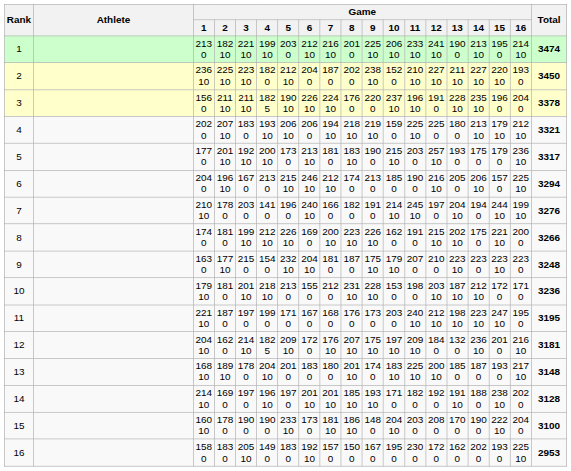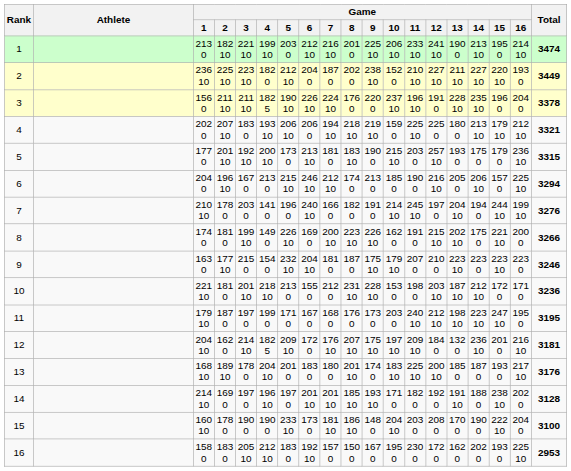 <table class=wikitable style="text-align:center">
 <tr>
 <th rowspan="2" width=40>Rank</th>
 <th rowspan="2" width=250>Athlete</th>
 <th colspan="16">Game</th>
 <th rowspan="2" width=50>Total</th>
 </tr>
 <tr>
 <th width=25>1</th>
 <th width=25>2</th>
 <th width=25>3</th>
 <th width=25>4</th>
 <th width=25>5</th>
 <th width=25>6</th>
 <th width=25>7</th>
 <th width=25>8</th>
 <th width=25>9</th>
 <th width=25>10</th>
 <th width=25>11</th>
 <th width=25>12</th>
 <th width=25>13</th>
 <th width=25>14</th>
 <th width=25>15</th>
 <th width=25>16</th>
 </tr>
 <tr bgcolor="#ccffcc">
 <td>1</td>
 <td align=left></td>
 <td>213<br>0</td>
 <td>182<br>10</td>
 <td>221<br>10</td>
 <td>199<br>10</td>
 <td>203<br>0</td>
 <td>212<br>10</td>
 <td>216<br>10</td>
 <td>201<br>0</td>
 <td>225<br>10</td>
 <td>206<br>10</td>
 <td>233<br>10</td>
 <td>241<br>10</td>
 <td>190<br>0</td>
 <td>213<br>10</td>
 <td>195<br>0</td>
 <td>214<br>10</td>
 <td><strong>3474</strong></td>
 </tr>
 <tr bgcolor="#ffffcc">
 <td>2</td>
 <td align=left></td>
 <td>236<br>10</td>
 <td>225<br>10</td>
 <td>223<br>10</td>
 <td>182<br>0</td>
 <td>212<br>10</td>
 <td>204<br>0</td>
 <td>187<br>0</td>
 <td>202<br>0</td>
 <td>238<br>10</td>
 <td>152<br>0</td>
 <td>210<br>10</td>
 <td>227<br>10</td>
 <td>211<br>10</td>
 <td>227<br>10</td>
 <td>220<br>10</td>
 <td>193<br>0</td>
-<td><strong>3450</strong></td>
+<td><strong>3449</strong></td>
 </tr>
 <tr bgcolor="#ffffcc">
 <td>3</td>
 <td align=left></td>
 <td>156<br>0</td>
 <td>211<br>10</td>
 <td>211<br>10</td>
 <td>182<br>5</td>
 <td>190<br>10</td>
 <td>226<br>10</td>
 <td>224<br>10</td>
 <td>176<br>0</td>
 <td>220<br>0</td>
 <td>237<br>10</td>
 <td>196<br>10</td>
 <td>191<br>0</td>
 <td>228<br>10</td>
 <td>235<br>10</td>
 <td>196<br>0</td>
 <td>204<br>0</td>
 <td><strong>3378</strong></td>
 </tr>
 <tr>
 <td>4</td>
 <td align=left></td>
 <td>202<br>0</td>
 <td>207<br>10</td>
 <td>183<br>0</td>
 <td>193<br>10</td>
 <td>206<br>10</td>
 <td>206<br>0</td>
 <td>194<br>10</td>
 <td>218<br>10</td>
 <td>219<br>10</td>
 <td>159<br>0</td>
 <td>225<br>10</td>
 <td>225<br>0</td>
 <td>180<br>0</td>
 <td>213<br>10</td>
 <td>179<br>10</td>
 <td>212<br>10</td>
 <td><strong>3321</strong></td>
 </tr>
 <tr>
 <td>5</td>
 <td align=left></td>
 <td>177<br>0</td>
 <td>201<br>10</td>
 <td>192<br>10</td>
 <td>200<br>10</td>
 <td>173<br>0</td>
 <td>213<br>10</td>
 <td>181<br>0</td>
 <td>183<br>10</td>
 <td>190<br>0</td>
 <td>215<br>10</td>
 <td>203<br>0</td>
 <td>257<br>10</td>
 <td>193<br>0</td>
 <td>175<br>0</td>
 <td>179<br>0</td>
 <td>236<br>10</td>
-<td><strong>3317</strong></td>
+<td><strong>3315</strong></td>
 </tr>
 <tr>
 <td>6</td>
 <td align=left></td>
 <td>204<br>0</td>
 <td>196<br>10</td>
 <td>167<br>0</td>
 <td>213<br>0</td>
 <td>215<br>10</td>
 <td>246<br>10</td>
 <td>212<br>10</td>
 <td>174<br>0</td>
 <td>213<br>0</td>
 <td>185<br>0</td>
 <td>190<br>0</td>
 <td>216<br>10</td>
 <td>205<br>0</td>
 <td>206<br>10</td>
 <td>157<br>0</td>
 <td>225<br>10</td>
 <td><strong>3294</strong></td>
 </tr>
 <tr>
 <td>7</td>
 <td align=left></td>
 <td>210<br>10</td>
 <td>178<br>0</td>
 <td>203<br>0</td>
 <td>141<br>0</td>
 <td>196<br>0</td>
 <td>240<br>10</td>
 <td>166<br>0</td>
 <td>182<br>0</td>
 <td>191<br>0</td>
 <td>214<br>10</td>
 <td>245<br>10</td>
 <td>197<br>0</td>
 <td>204<br>10</td>
 <td>194<br>0</td>
 <td>244<br>10</td>
 <td>199<br>10</td>
 <td><strong>3276</strong></td>
 </tr>
 <tr>
 <td>8</td>
 <td align=left></td>
 <td>174<br>0</td>
 <td>181<br>0</td>
 <td>199<br>10</td>
-<td>212<br>10</td>
+<td>149<br>0</td>
 <td>226<br>10</td>
 <td>169<br>0</td>
 <td>200<br>10</td>
 <td>223<br>10</td>
 <td>226<br>10</td>
 <td>162<br>0</td>
 <td>191<br>0</td>
 <td>215<br>10</td>
 <td>202<br>10</td>
 <td>175<br>0</td>
 <td>221<br>10</td>
 <td>200<br>0</td>
 <td><strong>3266</strong></td>
 </tr>
 <tr>
 <td>9</td>
 <td align=left></td>
 <td>163<br>0</td>
 <td>177<br>10</td>
 <td>215<br>0</td>
 <td>154<br>0</td>
 <td>232<br>10</td>
 <td>204<br>10</td>
 <td>181<br>0</td>
 <td>187<br>0</td>
 <td>175<br>10</td>
 <td>179<br>10</td>
 <td>207<br>0</td>
 <td>210<br>0</td>
 <td>223<br>10</td>
 <td>223<br>0</td>
 <td>223<br>10</td>
 <td>223<br>0</td>
-<td><strong>3248</strong></td>
+<td><strong>3246</strong></td>
 </tr>
 <tr>
 <td>10</td>
 <td align=left></td>
-<td>179<br>10</td>
+<td>221<br>10</td>
 <td>181<br>0</td>
 <td>201<br>10</td>
 <td>218<br>10</td>
 <td>213<br>0</td>
 <td>155<br>0</td>
 <td>212<br>0</td>
 <td>231<br>10</td>
 <td>228<br>10</td>
 <td>153<br>0</td>
 <td>198<br>0</td>
 <td>203<br>10</td>
 <td>187<br>10</td>
 <td>212<br>10</td>
 <td>172<br>0</td>
 <td>171<br>0</td>
 <td><strong>3236</strong></td>
 </tr>
 <tr>
 <td>11</td>
 <td align=left></td>
-<td>221<br>10</td>
+<td>179<br>10</td>
 <td>187<br>0</td>
 <td>197<br>0</td>
 <td>199<br>0</td>
 <td>171<br>0</td>
 <td>167<br>0</td>
 <td>168<br>0</td>
 <td>176<br>0</td>
 <td>173<br>0</td>
 <td>203<br>0</td>
 <td>240<br>10</td>
 <td>212<br>10</td>
 <td>198<br>10</td>
 <td>223<br>10</td>
 <td>247<br>10</td>
 <td>195<br>0</td>
 <td><strong>3195</strong></td>
 </tr>
 <tr>
 <td>12</td>
 <td align=left></td>
 <td>204<br>10</td>
 <td>162<br>0</td>
 <td>214<br>10</td>
 <td>182<br>5</td>
 <td>209<br>10</td>
 <td>172<br>0</td>
 <td>176<br>10</td>
 <td>207<br>10</td>
 <td>175<br>10</td>
 <td>197<br>10</td>
 <td>209<br>10</td>
 <td>184<br>0</td>
 <td>132<br>0</td>
 <td>236<br>10</td>
 <td>201<br>0</td>
 <td>216<br>10</td>
 <td><strong>3181</strong></td>
 </tr>
 <tr>
 <td>13</td>
 <td align=left></td>
 <td>168<br>10</td>
 <td>189<br>10</td>
 <td>178<br>0</td>
 <td>204<br>10</td>
 <td>201<br>0</td>
 <td>183<br>0</td>
 <td>180<br>0</td>
 <td>201<br>10</td>
 <td>174<br>0</td>
 <td>183<br>10</td>
 <td>225<br>10</td>
 <td>200<br>10</td>
 <td>185<br>0</td>
 <td>187<br>0</td>
 <td>193<br>0</td>
 <td>217<br>10</td>
-<td><strong>3148</strong></td>
+<td><strong>3176</strong></td>
 </tr>
 <tr>
 <td>14</td>
 <td align=left></td>
 <td>214<br>10</td>
 <td>169<br>0</td>
 <td>197<br>0</td>
 <td>196<br>10</td>
 <td>197<br>0</td>
 <td>201<br>10</td>
 <td>201<br>10</td>
 <td>185<br>10</td>
 <td>193<br>10</td>
 <td>171<br>0</td>
 <td>182<br>0</td>
 <td>192<br>0</td>
 <td>191<br>10</td>
 <td>188<br>0</td>
 <td>238<br>10</td>
 <td>202<br>0</td>
 <td><strong>3128</strong></td>
 </tr>
 <tr>
 <td>15</td>
 <td align=left></td>
 <td>160<br>10</td>
 <td>178<br>0</td>
 <td>190<br>0</td>
 <td>190<br>0</td>
 <td>233<br>10</td>
 <td>173<br>0</td>
 <td>181<br>10</td>
 <td>186<br>10</td>
 <td>148<br>0</td>
 <td>204<br>10</td>
 <td>203<br>0</td>
 <td>208<br>0</td>
 <td>170<br>0</td>
 <td>190<br>0</td>
 <td>222<br>10</td>
 <td>204<br>0</td>
 <td><strong>3100</strong></td>
 </tr>
 <tr>
 <td>16</td>
 <td align=left></td>
 <td>158<br>0</td>
 <td>183<br>0</td>
 <td>205<br>10</td>
-<td>149<br>0</td>
+<td>212<br>10</td>
 <td>183<br>0</td>
 <td>192<br>10</td>
 <td>157<br>0</td>
 <td>150<br>0</td>
 <td>167<br>0</td>
 <td>195<br>0</td>
 <td>230<br>0</td>
 <td>172<br>0</td>
 <td>162<br>0</td>
 <td>202<br>0</td>
 <td>193<br>0</td>
 <td>225<br>10</td>
 <td><strong>2953</strong></td>
 </tr>
 </table>
